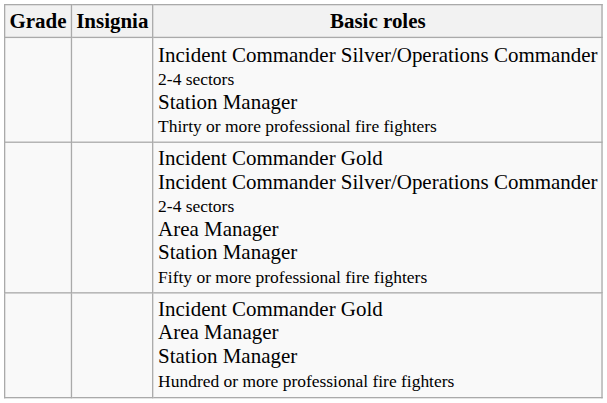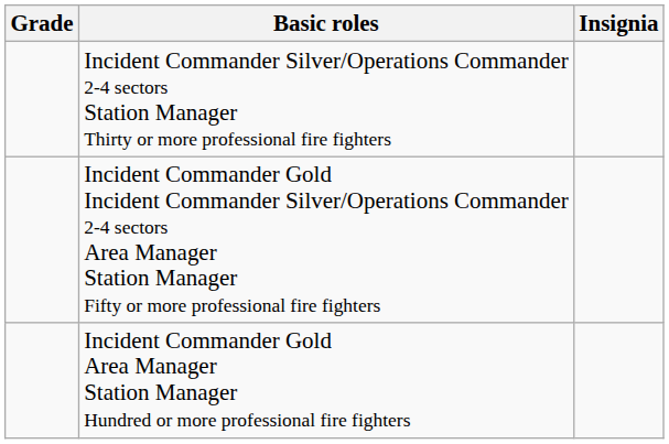 <table class="wikitable">
 <tr>
 <th>Grade</th>
+<th>Basic roles</th>
 <th>Insignia</th>
-<th>Basic roles</th>
 </tr>
 <tr>
 <td></td>
+<td>Incident Commander Silver/Operations Commander<br><small>2-4 sectors</small><br>Station Manager<br><small>Thirty or more professional fire fighters</small></td>
 <td></td>
-<td>Incident Commander Silver/Operations Commander<br><small>2-4 sectors</small><br>Station Manager<br><small>Thirty or more professional fire fighters</small></td>
 </tr>
 <tr>
 <td></td>
+<td>Incident Commander Gold<br>Incident Commander Silver/Operations Commander<br><small>2-4 sectors</small><br>Area Manager<br>Station Manager<br><small>Fifty or more professional fire fighters</small></td>
 <td></td>
-<td>Incident Commander Gold<br>Incident Commander Silver/Operations Commander<br><small>2-4 sectors</small><br>Area Manager<br>Station Manager<br><small>Fifty or more professional fire fighters</small></td>
 </tr>
 <tr>
 <td></td>
+<td>Incident Commander Gold<br>Area Manager<br>Station Manager<br><small>Hundred or more professional fire fighters</small></td>
 <td></td>
-<td>Incident Commander Gold<br>Area Manager<br>Station Manager<br><small>Hundred or more professional fire fighters</small></td>
 </tr>
 </table>
